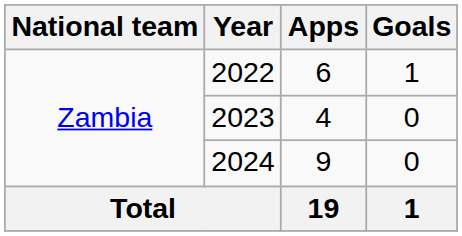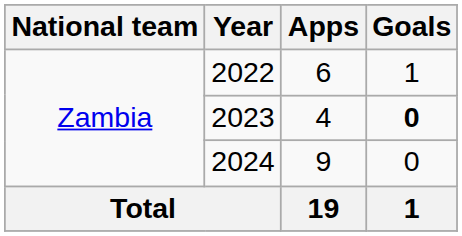 <table class="wikitable" style="text-align: center;">
 <tr>
 <th>National team</th>
 <th>Year</th>
 <th>Apps</th>
 <th>Goals</th>
 </tr>
 <tr>
 <td rowspan="3"><a href='#'>Zambia</a></td>
 <td>2022</td>
 <td>6</td>
 <td>1</td>
 </tr>
 <tr>
 <td>2023</td>
 <td>4</td>
-<td>0</td>
+<td><strong>0</strong></td>
 </tr>
 <tr>
 <td>2024</td>
 <td>9</td>
 <td>0</td>
 </tr>
 <tr>
 <th colspan="2">Total</th>
 <th>19</th>
 <th>1</th>
 </tr>
 </table>
